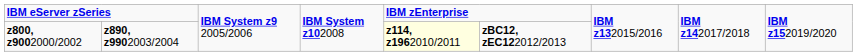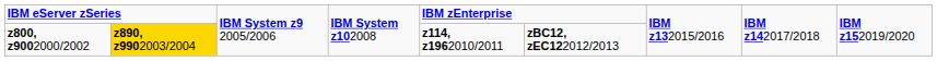 <table class="wikitable" style="text-align: ">
 <tr>
 <td colspan=2><strong><a href='#'>IBM eServer zSeries</a></strong></td>
 <td rowspan=2><strong><a href='#'>IBM System z9</a></strong> 2005/2006</td>
 <td rowspan=2><strong><a href='#'>IBM System z10</a></strong>2008</td>
 <td colspan=2><strong><a href='#'>IBM zEnterprise</a></strong></td>
 <td rowspan=2><strong><a href='#'>IBM z13</a></strong>2015/2016</td>
 <td rowspan=2><strong><a href='#'>IBM z14</a></strong>2017/2018</td>
 <td rowspan=2><strong><a href='#'>IBM z15</a></strong>2019/2020</td>
 </tr>
 <tr>
 <td><strong>z800, z900</strong>2000/2002</td>
-<td><strong>z890, z990</strong>2003/2004</td>
-<td style="background: lightyellow;"><strong>z114, z196</strong>2010/2011</td>
+<td style="background: gold;"><strong>z890, z990</strong>2003/2004</td>
+<td><strong>z114, z196</strong>2010/2011</td>
 <td><strong>zBC12, zEC12</strong>2012/2013</td>
 </tr>
 </table>
